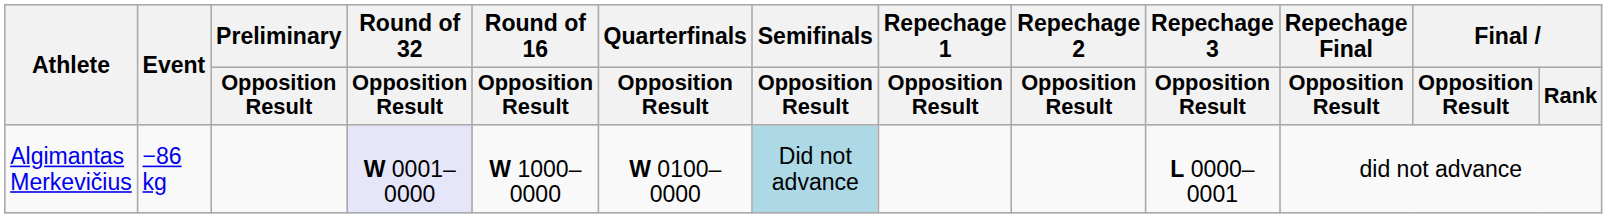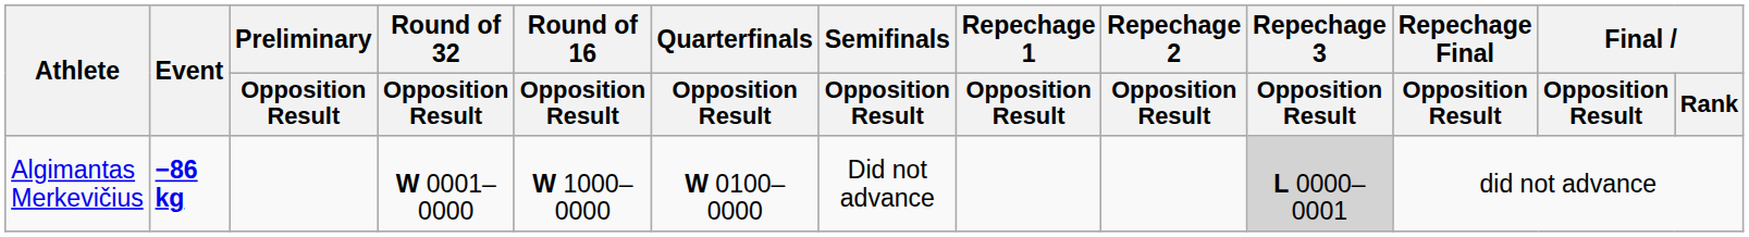 <table class="wikitable" style="font-size:90%">
 <tr>
 <th rowspan="2">Athlete</th>
 <th rowspan="2">Event</th>
 <th>Preliminary</th>
 <th>Round of 32</th>
 <th>Round of 16</th>
 <th>Quarterfinals</th>
 <th>Semifinals</th>
 <th>Repechage 1</th>
 <th>Repechage 2</th>
 <th>Repechage 3</th>
 <th>Repechage Final</th>
 <th colspan=2>Final / </th>
 </tr>
 <tr style="font-size:95%">
 <th>Opposition<br>Result</th>
 <th>Opposition<br>Result</th>
 <th>Opposition<br>Result</th>
 <th>Opposition<br>Result</th>
 <th>Opposition<br>Result</th>
 <th>Opposition<br>Result</th>
 <th>Opposition<br>Result</th>
 <th>Opposition<br>Result</th>
 <th>Opposition<br>Result</th>
 <th>Opposition<br>Result</th>
 <th>Rank</th>
 </tr>
 <tr align=center>
 <td align=left><a href='#'>Algimantas Merkevičius</a></td>
-<td align=left><a href='#'>−86 kg</a></td>
+<td align=left><strong><a href='#'>−86 kg</a></strong></td>
 <td></td>
-<td style="background: lavender;"><br><strong>W</strong> 0001–0000</td>
+<td><br><strong>W</strong> 0001–0000</td>
 <td><br><strong>W</strong> 1000–0000</td>
 <td><br><strong>W</strong> 0100–0000</td>
-<td style="background: lightblue;">Did not advance</td>
+<td>Did not advance</td>
 <td></td>
 <td></td>
-<td><br><strong>L</strong> 0000–0001</td>
+<td style="background: lightgrey;"><br><strong>L</strong> 0000–0001</td>
 <td colspan=4>did not advance</td>
 </tr>
 </table>
